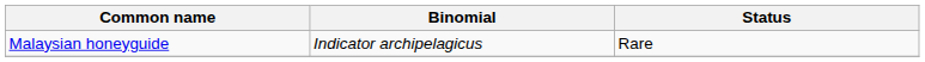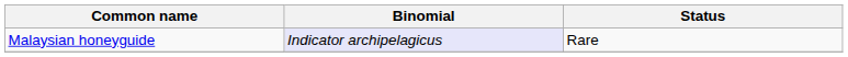 <table width=72% class="wikitable">
 <tr>
 <th width=24%>Common name</th>
 <th width=24%>Binomial</th>
 <th width=24%>Status</th>
 </tr>
 <tr>
 <td><a href='#'>Malaysian honeyguide</a></td>
-<td><em>Indicator archipelagicus</em></td>
+<td style="background: lavender;"><em>Indicator archipelagicus</em></td>
 <td>Rare</td>
 </tr>
 <tr>
 </tr>
 </table>
